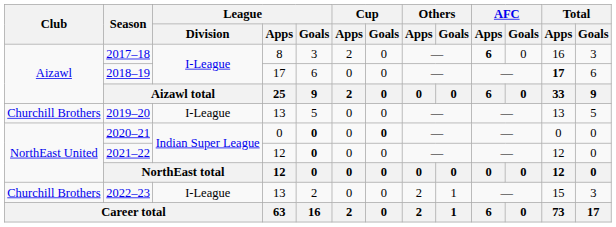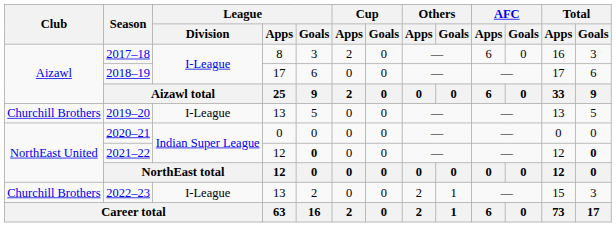 <table class="wikitable" style="text-align: center;">
 <tr>
 <th rowspan="2">Club</th>
 <th rowspan="2">Season</th>
 <th colspan="3">League</th>
 <th colspan="2">Cup</th>
 <th colspan="2">Others</th>
 <th colspan="2"><a href='#'>AFC</a></th>
 <th colspan="2">Total</th>
 </tr>
 <tr>
 <th>Division</th>
 <th>Apps</th>
 <th>Goals</th>
 <th>Apps</th>
 <th>Goals</th>
 <th>Apps</th>
 <th>Goals</th>
 <th>Apps</th>
 <th>Goals</th>
 <th>Apps</th>
 <th>Goals</th>
 </tr>
 <tr>
 <td rowspan="3"><a href='#'>Aizawl</a></td>
 <td><a href='#'>2017–18</a></td>
 <td rowspan="2"><a href='#'>I-League</a></td>
 <td>8</td>
 <td>3</td>
 <td>2</td>
 <td>0</td>
 <td colspan="2">—</td>
-<td><strong>6</strong></td>
+<td>6</td>
 <td>0</td>
 <td>16</td>
 <td>3</td>
 </tr>
 <tr>
 <td><a href='#'>2018–19</a></td>
 <td>17</td>
 <td>6</td>
 <td>0</td>
 <td>0</td>
 <td colspan="2">—</td>
 <td colspan="2">—</td>
-<td><strong>17</strong></td>
+<td>17</td>
 <td>6</td>
 </tr>
 <tr>
 <th colspan="2">Aizawl total</th>
 <th>25</th>
 <th>9</th>
 <th>2</th>
 <th>0</th>
 <th>0</th>
 <th>0</th>
 <th>6</th>
 <th>0</th>
 <th>33</th>
 <th>9</th>
 </tr>
 <tr>
 <td rowspan="1"><a href='#'>Churchill Brothers</a></td>
 <td><a href='#'>2019–20</a></td>
 <td rowspan="1">I-League</td>
 <td>13</td>
 <td>5</td>
 <td>0</td>
 <td>0</td>
 <td colspan="2">—</td>
 <td colspan="2">—</td>
 <td>13</td>
 <td>5</td>
 </tr>
 <tr>
 <td rowspan="3"><a href='#'>NorthEast United</a></td>
 <td><a href='#'>2020–21</a></td>
 <td rowspan="2"><a href='#'>Indian Super League</a></td>
 <td>0</td>
-<td><strong>0</strong></td>
 <td>0</td>
-<td><strong>0</strong></td>
+<td>0</td>
+<td>0</td>
 <td colspan="2">—</td>
 <td colspan="2">—</td>
 <td>0</td>
 <td>0</td>
 </tr>
 <tr>
 <td><a href='#'>2021–22</a></td>
 <td>12</td>
 <td><strong>0</strong></td>
 <td>0</td>
 <td>0</td>
 <td colspan="2">—</td>
 <td colspan="2">—</td>
 <td>12</td>
-<td>0</td>
+<td><strong>0</strong></td>
 </tr>
 <tr>
 <th colspan="2">NorthEast total</th>
 <th>12</th>
 <th>0</th>
 <th>0</th>
 <th>0</th>
 <th>0</th>
 <th>0</th>
 <th>0</th>
 <th>0</th>
 <th>12</th>
 <th>0</th>
 </tr>
 <tr>
 <td rowspan="1"><a href='#'>Churchill Brothers</a></td>
 <td><a href='#'>2022–23</a></td>
 <td rowspan="1">I-League</td>
 <td>13</td>
 <td>2</td>
 <td>0</td>
 <td>0</td>
 <td>2</td>
 <td>1</td>
 <td colspan="2">—</td>
 <td>15</td>
 <td>3</td>
 </tr>
 <tr>
 <th colspan="3">Career total</th>
 <th>63</th>
 <th>16</th>
 <th>2</th>
 <th>0</th>
 <th>2</th>
 <th>1</th>
 <th>6</th>
 <th>0</th>
 <th>73</th>
 <th>17</th>
 </tr>
 </table>
